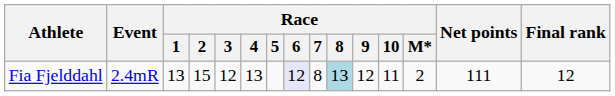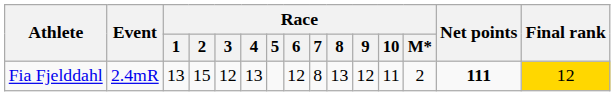 <table class="wikitable" style="font-size:90%">
 <tr>
 <th rowspan="2">Athlete</th>
 <th rowspan="2">Event</th>
 <th colspan=11>Race</th>
 <th rowspan=2>Net points</th>
 <th rowspan=2>Final rank</th>
 </tr>
 <tr style="font-size:95%">
 <th>1</th>
 <th>2</th>
 <th>3</th>
 <th>4</th>
 <th>5</th>
 <th>6</th>
 <th>7</th>
 <th>8</th>
 <th>9</th>
 <th>10</th>
 <th>M*</th>
 </tr>
 <tr align=center>
 <td align=left><a href='#'>Fia Fjelddahl</a></td>
 <td align=left><a href='#'>2.4mR</a></td>
 <td>13</td>
 <td>15</td>
 <td>12</td>
 <td>13</td>
 <td><s></s></td>
-<td style="background: lavender;">12</td>
+<td>12</td>
 <td>8</td>
-<td style="background: lightblue;">13</td>
+<td>13</td>
 <td>12</td>
 <td>11</td>
 <td>2</td>
-<td>111</td>
-<td>12</td>
+<td><strong>111</strong></td>
+<td style="background: gold;">12</td>
 </tr>
 </table>
